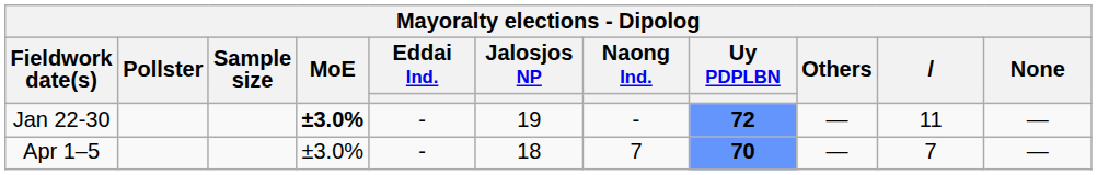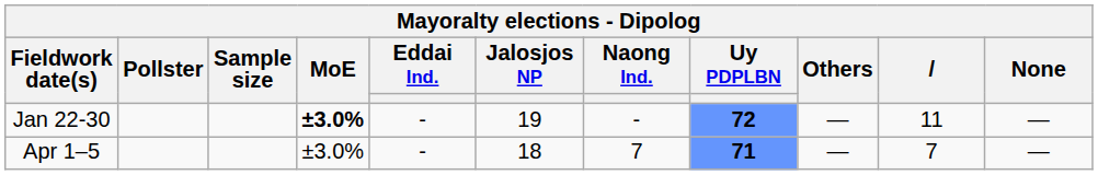 <table class="wikitable" style="text-align:center;font-size:85%;line-height:14px;">
 <tr>
 <th colspan="13">Mayoralty elections - Dipolog</th>
 </tr>
 <tr>
 <th rowspan="2">Fieldwork<br>date(s)</th>
 <th rowspan="2">Pollster</th>
 <th rowspan="2" data-sort-type="number">Sample<br>size</th>
 <th rowspan="2" data-sort-type="number"><abbr>MoE</abbr></th>
 <th class="unsortable" style="width:60px;">Eddai<br><small><a href='#'>Ind.</a></small></th>
 <th class="unsortable" style="width:60px;">Jalosjos<br><small><a href='#'>NP</a></small></th>
 <th class="unsortable" style="width:60px;">Naong<br><small><a href='#'>Ind.</a></small></th>
 <th class="unsortable" style="width:60px;">Uy<br><small><a href='#'>PDPLBN</a></small></th>
 <th rowspan="2">Others</th>
 <th rowspan="2" class="unsortable" style="width:60px;">/<br></th>
 <th rowspan="2" style="width:60px;">None</th>
 </tr>
 <tr>
 <th style="background:"></th>
 <th style="background:"></th>
 <th style="background:"></th>
 <th style="background:"></th>
 </tr>
 <tr>
 <td>Jan 22-30</td>
 <td></td>
 <td></td>
 <td><strong>±3.0%</strong></td>
 <td>-</td>
 <td>19</td>
 <td>-</td>
 <td style="background:#6495FD;"><strong>72</strong></td>
 <td>—</td>
 <td>11</td>
 <td>—</td>
 </tr>
 <tr>
 <td>Apr 1–5</td>
 <td></td>
 <td></td>
 <td>±3.0%</td>
 <td>-</td>
 <td>18</td>
 <td>7</td>
-<td style="background:#6495FD;"><strong>70</strong></td>
+<td style="background:#6495FD;"><strong>71</strong></td>
 <td>—</td>
 <td>7</td>
 <td>—</td>
 </tr>
 </table>
